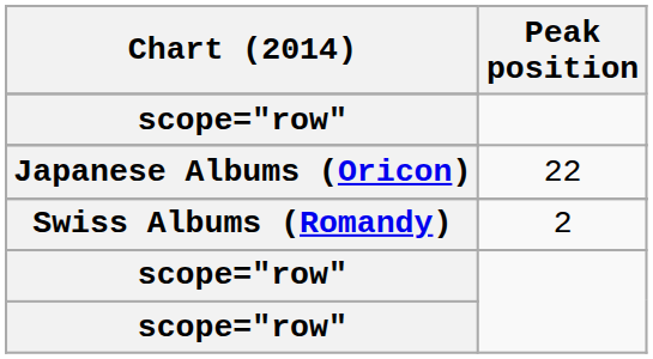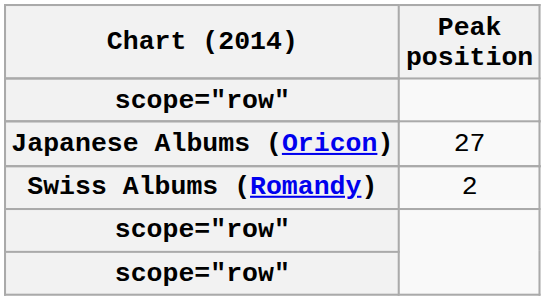 <table class="wikitable sortable plainrowheaders">
 <tr>
 <th scope="col">Chart (2014)</th>
 <th scope="col">Peak<br>position</th>
 </tr>
 <tr>
 </tr>
 <tr>
 </tr>
 <tr>
 </tr>
 <tr>
 </tr>
 <tr>
 <th>scope="row" </th>
 </tr>
 <tr>
 </tr>
 <tr>
 </tr>
 <tr>
 </tr>
 <tr>
 </tr>
 <tr>
 </tr>
 <tr>
 </tr>
 <tr>
 </tr>
 <tr>
 <th scope="row">Japanese Albums (<a href='#'>Oricon</a>)</th>
-<td align="center">22</td>
+<td align="center">27</td>
 </tr>
 <tr>
 </tr>
 <tr>
 </tr>
 <tr>
 </tr>
 <tr>
 </tr>
 <tr>
 </tr>
 <tr>
 </tr>
 <tr>
 <th scope="row">Swiss Albums (<a href='#'>Romandy</a>)</th>
 <td align="center">2</td>
 </tr>
 <tr>
 <th>scope="row" </th>
 </tr>
 <tr>
 <th>scope="row" </th>
 </tr>
 </table>
